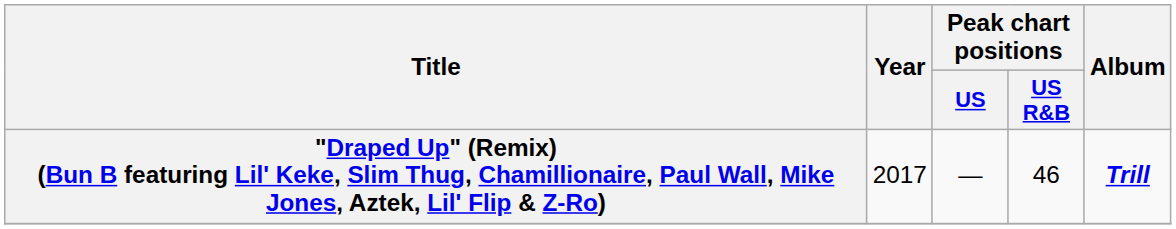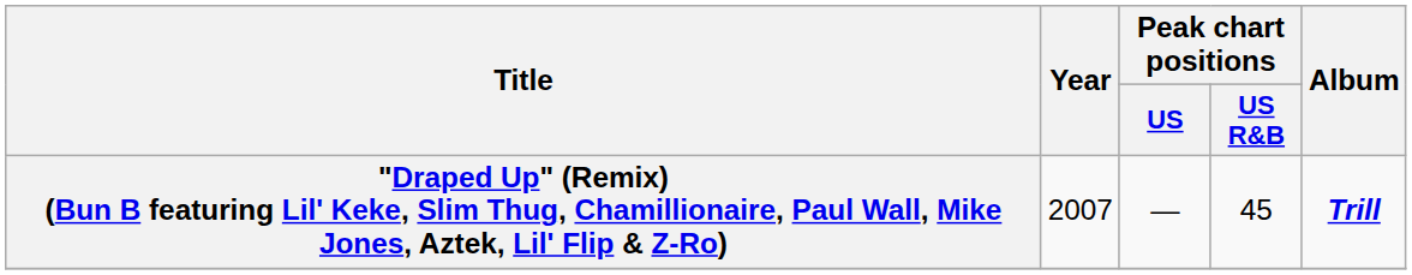 <table class="wikitable plainrowheaders" style="text-align:center;">
 <tr>
 <th scope="col" rowspan="2" style="width:35em;">Title</th>
 <th scope="col" rowspan="2">Year</th>
 <th scope="col" colspan="2">Peak chart positions</th>
 <th scope="col" rowspan="2">Album</th>
 </tr>
 <tr>
 <th scope="col" style="width:3em;font-size:90%;"><a href='#'>US</a></th>
 <th scope="col" style="width:3em;font-size:90%;"><a href='#'>US<br>R&B</a></th>
 </tr>
 <tr>
 <th scope="row">"<a href='#'>Draped Up</a>" (Remix)<br><span>(<a href='#'>Bun B</a> featuring <a href='#'>Lil' Keke</a>, <a href='#'>Slim Thug</a>, <a href='#'>Chamillionaire</a>, <a href='#'>Paul Wall</a>, <a href='#'>Mike Jones</a>, Aztek, <a href='#'>Lil' Flip</a> & <a href='#'>Z-Ro</a>)</span></th>
-<td>2017</td>
+<td>2007</td>
 <td>—</td>
-<td>46</td>
+<td>45</td>
 <td><strong><em><a href='#'>Trill</a></em></strong></td>
 </tr>
 <tr>
 </tr>
 </table>
